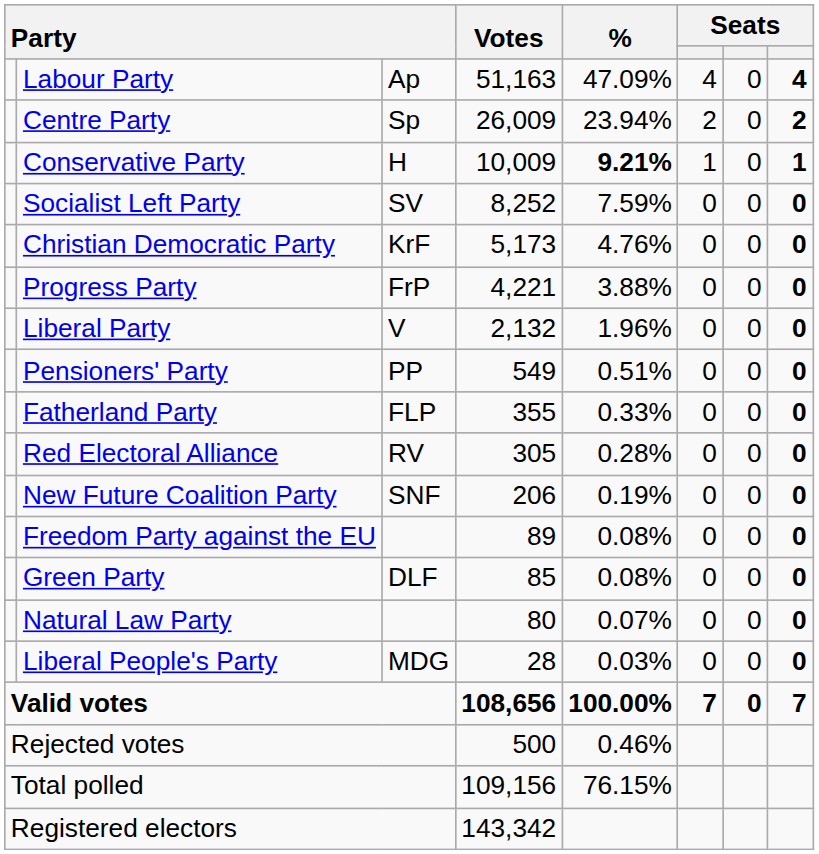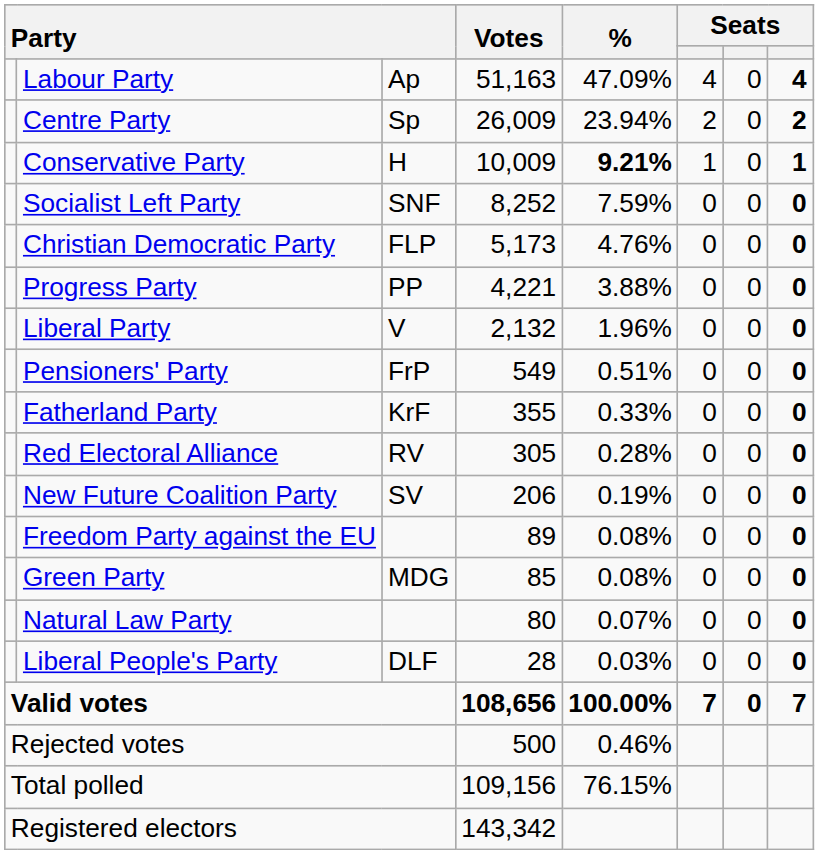 <table class="wikitable" border="1" style="text-align:right;">
 <tr>
 <th style="text-align:left;" valign=bottom rowspan=2 colspan=3>Party</th>
 <th align=center valign=bottom rowspan=2 width="50">Votes</th>
 <th align=center valign=bottom rowspan=2 width="50">%</th>
 <th colspan=3>Seats</th>
 </tr>
 <tr>
 <th align=center valign=bottom width="20"><small></small></th>
 <th align=center valign=bottom width="20"><small><a href='#'></a></small></th>
 <th align=center valign=bottom width="20"><small></small></th>
 </tr>
 <tr>
 <td style="color:inherit;background:"></td>
 <td align=left><a href='#'>Labour Party</a></td>
 <td align=left>Ap</td>
 <td>51,163</td>
 <td>47.09%</td>
 <td>4</td>
 <td>0</td>
 <td><strong>4</strong></td>
 </tr>
 <tr>
 <td style="color:inherit;background:"></td>
 <td align=left><a href='#'>Centre Party</a></td>
 <td align=left>Sp</td>
 <td>26,009</td>
 <td>23.94%</td>
 <td>2</td>
 <td>0</td>
 <td><strong>2</strong></td>
 </tr>
 <tr>
 <td style="color:inherit;background:"></td>
 <td align=left><a href='#'>Conservative Party</a></td>
 <td align=left>H</td>
 <td>10,009</td>
 <td><strong>9.21%</strong></td>
 <td>1</td>
 <td>0</td>
 <td><strong>1</strong></td>
 </tr>
 <tr>
 <td style="color:inherit;background:"></td>
 <td align=left><a href='#'>Socialist Left Party</a></td>
-<td align=left>SV</td>
+<td align=left>SNF</td>
 <td>8,252</td>
 <td>7.59%</td>
 <td>0</td>
 <td>0</td>
 <td><strong>0</strong></td>
 </tr>
 <tr>
 <td style="color:inherit;background:"></td>
 <td align=left><a href='#'>Christian Democratic Party</a></td>
-<td align=left>KrF</td>
+<td align=left>FLP</td>
 <td>5,173</td>
 <td>4.76%</td>
 <td>0</td>
 <td>0</td>
 <td><strong>0</strong></td>
 </tr>
 <tr>
 <td style="color:inherit;background:"></td>
 <td align=left><a href='#'>Progress Party</a></td>
-<td align=left>FrP</td>
+<td align=left>PP</td>
 <td>4,221</td>
 <td>3.88%</td>
 <td>0</td>
 <td>0</td>
 <td><strong>0</strong></td>
 </tr>
 <tr>
 <td style="color:inherit;background:"></td>
 <td align=left><a href='#'>Liberal Party</a></td>
 <td align=left>V</td>
 <td>2,132</td>
 <td>1.96%</td>
 <td>0</td>
 <td>0</td>
 <td><strong>0</strong></td>
 </tr>
 <tr>
 <td style="color:inherit;background:"></td>
 <td align=left><a href='#'>Pensioners' Party</a></td>
-<td align=left>PP</td>
+<td align=left>FrP</td>
 <td>549</td>
 <td>0.51%</td>
 <td>0</td>
 <td>0</td>
 <td><strong>0</strong></td>
 </tr>
 <tr>
 <td style="color:inherit;background:"></td>
 <td align=left><a href='#'>Fatherland Party</a></td>
-<td align=left>FLP</td>
+<td align=left>KrF</td>
 <td>355</td>
 <td>0.33%</td>
 <td>0</td>
 <td>0</td>
 <td><strong>0</strong></td>
 </tr>
 <tr>
 <td style="color:inherit;background:"></td>
 <td align=left><a href='#'>Red Electoral Alliance</a></td>
 <td align=left>RV</td>
 <td>305</td>
 <td>0.28%</td>
 <td>0</td>
 <td>0</td>
 <td><strong>0</strong></td>
 </tr>
 <tr>
 <td style="color:inherit;background:"></td>
 <td align=left><a href='#'>New Future Coalition Party</a></td>
-<td align=left>SNF</td>
+<td align=left>SV</td>
 <td>206</td>
 <td>0.19%</td>
 <td>0</td>
 <td>0</td>
 <td><strong>0</strong></td>
 </tr>
 <tr>
 <td></td>
 <td align=left><a href='#'>Freedom Party against the EU</a></td>
 <td align=left></td>
 <td>89</td>
 <td>0.08%</td>
 <td>0</td>
 <td>0</td>
 <td><strong>0</strong></td>
 </tr>
 <tr>
 <td style="color:inherit;background:"></td>
 <td align=left><a href='#'>Green Party</a></td>
-<td align=left>DLF</td>
+<td align=left>MDG</td>
 <td>85</td>
 <td>0.08%</td>
 <td>0</td>
 <td>0</td>
 <td><strong>0</strong></td>
 </tr>
 <tr>
 <td></td>
 <td align=left><a href='#'>Natural Law Party</a></td>
 <td align=left></td>
 <td>80</td>
 <td>0.07%</td>
 <td>0</td>
 <td>0</td>
 <td><strong>0</strong></td>
 </tr>
 <tr>
 <td style="color:inherit;background:"></td>
 <td align=left><a href='#'>Liberal People's Party</a></td>
-<td align=left>MDG</td>
+<td align=left>DLF</td>
 <td>28</td>
 <td>0.03%</td>
 <td>0</td>
 <td>0</td>
 <td><strong>0</strong></td>
 </tr>
 <tr style="font-weight:bold">
 <td align=left colspan=3>Valid votes</td>
 <td>108,656</td>
 <td>100.00%</td>
 <td>7</td>
 <td>0</td>
 <td>7</td>
 </tr>
 <tr>
 <td align=left colspan=3>Rejected votes</td>
 <td>500</td>
 <td>0.46%</td>
 <td></td>
 <td></td>
 <td></td>
 </tr>
 <tr>
 <td align=left colspan=3>Total polled</td>
 <td>109,156</td>
 <td>76.15%</td>
 <td></td>
 <td></td>
 <td></td>
 </tr>
 <tr>
 <td align=left colspan=3>Registered electors</td>
 <td>143,342</td>
 <td></td>
 <td></td>
 <td></td>
 <td></td>
 </tr>
 </table>
